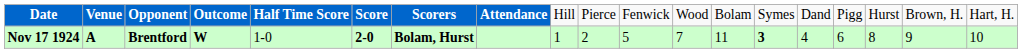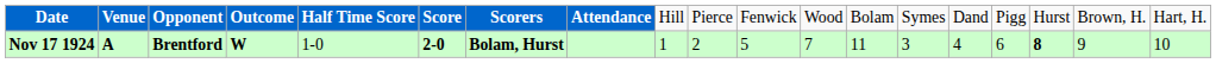 <table class="wikitable">
 <tr>
 <td style="background:#0066CC; color:#FFFFFF; text-align:center;"><strong>Date</strong></td>
 <td style="background:#0066CC; color:#FFFFFF; text-align:center;"><strong>Venue</strong></td>
 <td style="background:#0066CC; color:#FFFFFF; text-align:center;"><strong>Opponent</strong></td>
 <td style="background:#0066CC; color:#FFFFFF; text-align:center;"><strong>Outcome</strong></td>
 <td style="background:#0066CC; color:#FFFFFF; text-align:center;"><strong>Half Time Score</strong></td>
 <td style="background:#0066CC; color:#FFFFFF; text-align:center;"><strong>Score</strong></td>
 <td style="background:#0066CC; color:#FFFFFF; text-align:center;"><strong>Scorers</strong></td>
 <td style="background:#0066CC; color:#FFFFFF; text-align:center;"><strong>Attendance</strong></td>
 <td>Hill</td>
 <td>Pierce</td>
 <td>Fenwick</td>
 <td>Wood</td>
 <td>Bolam</td>
 <td>Symes</td>
 <td>Dand</td>
 <td>Pigg</td>
 <td>Hurst</td>
 <td>Brown, H.</td>
 <td>Hart, H.</td>
 </tr>
 <tr bgcolor="#CCFFCC">
 <td><strong>Nov 17 1924</strong></td>
 <td><strong>A</strong></td>
 <td><strong>Brentford</strong></td>
 <td><strong>W</strong></td>
 <td>1-0</td>
 <td><strong>2-0</strong></td>
 <td><strong>Bolam, Hurst</strong></td>
 <td></td>
 <td>1</td>
 <td>2</td>
 <td>5</td>
 <td>7</td>
 <td>11</td>
-<td><strong>3</strong></td>
+<td>3</td>
 <td>4</td>
 <td>6</td>
-<td>8</td>
+<td><strong>8</strong></td>
 <td>9</td>
 <td>10</td>
 </tr>
 </table>
